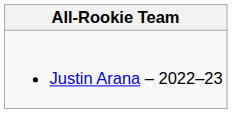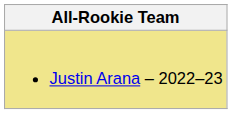 <table class=wikitable>
 <tr>
 <th>All-Rookie Team</th>
 </tr>
 <tr>
-<td valign="top"><br><ul><li><a href='#'>Justin Arana</a> – 2022–23</li></ul></td>
+<td valign="top" style="background: khaki;"><br><ul><li><a href='#'>Justin Arana</a> – 2022–23</li></ul></td>
 </tr>
 </table>
